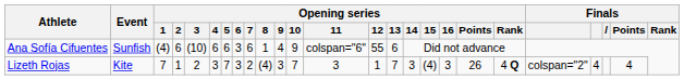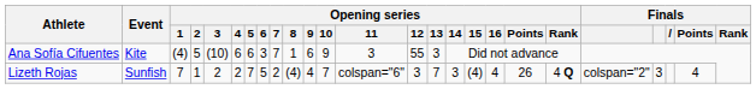 <table class=wikitable style=font-size:90%;text-align:center>
 <tr>
 <th rowspan=2>Athlete</th>
 <th rowspan=2>Event</th>
 <th colspan=18>Opening series</th>
 <th colspan=5>Finals</th>
 </tr>
 <tr style=font-size:95%>
 <th>1</th>
 <th>2</th>
 <th>3</th>
 <th>4</th>
 <th>5</th>
 <th>6</th>
 <th>7</th>
 <th>8</th>
 <th>9</th>
 <th>10</th>
 <th>11</th>
 <th>12</th>
 <th>13</th>
 <th>14</th>
 <th>15</th>
 <th>16</th>
 <th>Points</th>
 <th>Rank</th>
 <th></th>
 <th></th>
 <th> / </th>
 <th>Points</th>
 <th>Rank</th>
 </tr>
 <tr>
 <td align=left><a href='#'>Ana Sofía Cifuentes</a></td>
-<td align=left><a href='#'>Sunfish</a></td>
+<td align=left><a href='#'>Kite</a></td>
 <td>(4)</td>
-<td>6</td>
+<td>5</td>
 <td>(10)</td>
 <td>6</td>
 <td>6</td>
 <td>3</td>
+<td>7</td>
+<td>1</td>
 <td>6</td>
-<td>1</td>
-<td>4</td>
 <td>9</td>
-<td>colspan="6" </td>
+<td>3</td>
 <td>55</td>
-<td>6</td>
+<td>3</td>
 <td colspan="5">Did not advance</td>
 </tr>
 <tr>
 <td align=left><a href='#'>Lizeth Rojas</a></td>
-<td align=left><a href='#'>Kite</a></td>
+<td align=left><a href='#'>Sunfish</a></td>
 <td>7</td>
 <td>1</td>
 <td>2</td>
+<td>2</td>
+<td>7</td>
+<td>5</td>
+<td>2</td>
+<td>(4)</td>
+<td>4</td>
+<td>7</td>
+<td>colspan="6" </td>
 <td>3</td>
 <td>7</td>
 <td>3</td>
-<td>2</td>
 <td>(4)</td>
-<td>3</td>
-<td>7</td>
-<td>3</td>
-<td>1</td>
-<td>7</td>
-<td>3</td>
-<td>(4)</td>
-<td>3</td>
+<td>4</td>
 <td>26</td>
 <td>4 <strong>Q</strong></td>
 <td>colspan="2" </td>
-<td>4</td>
+<td>3</td>
 <td></td>
 <td>4</td>
 </tr>
 </table>
